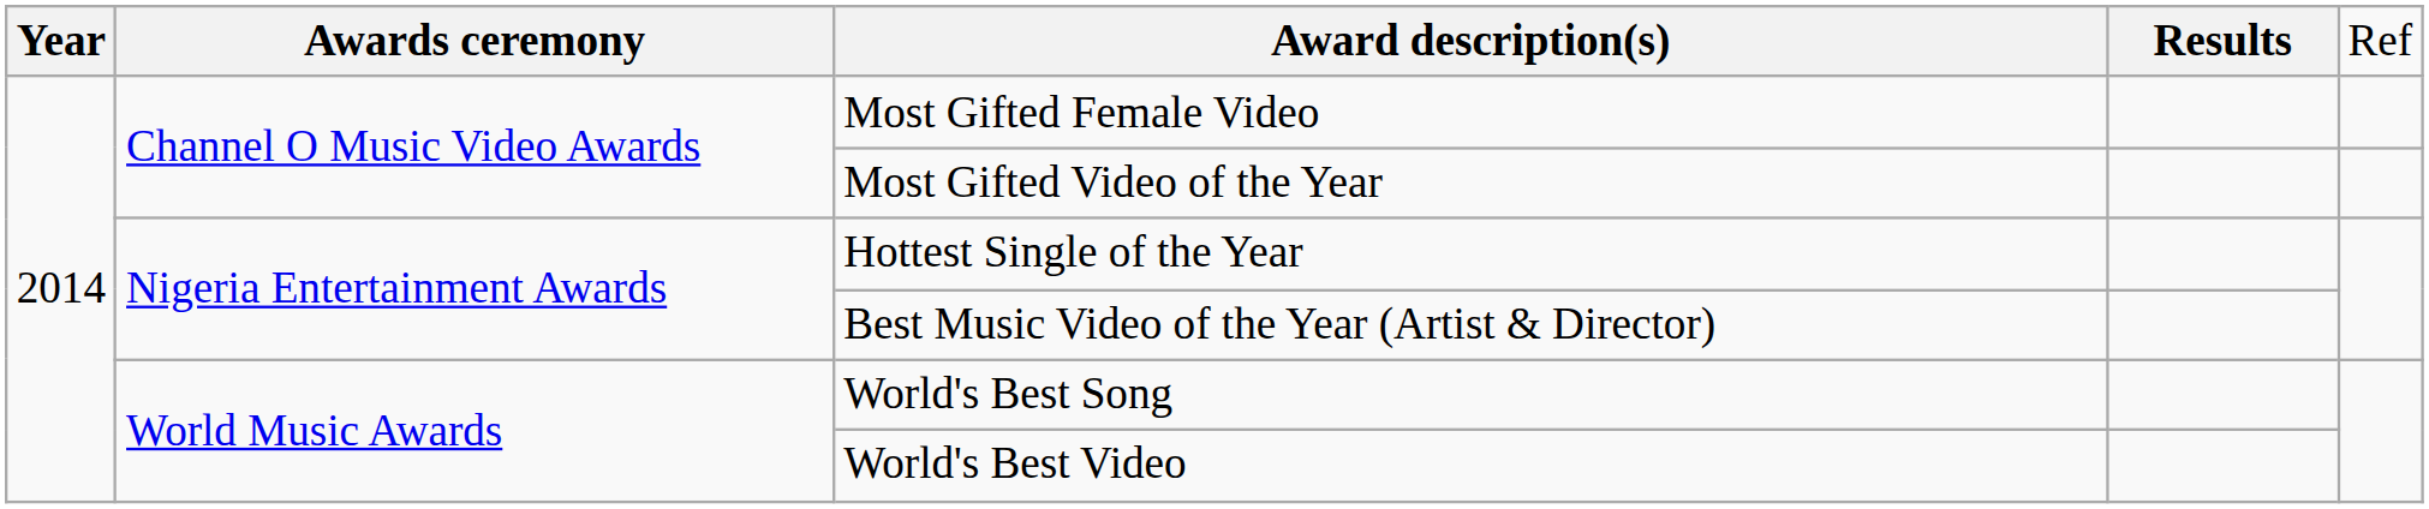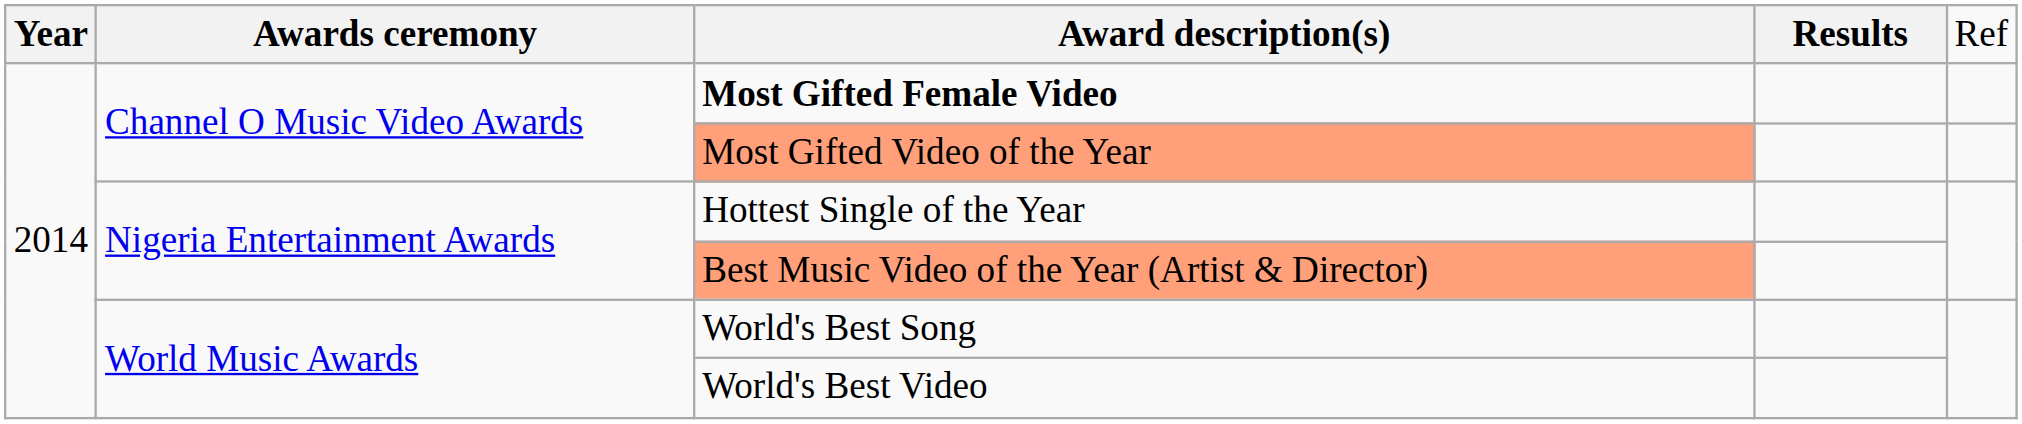 <table class="wikitable">
 <tr>
 <th>Year</th>
 <th width="250">Awards ceremony</th>
 <th width="450">Award description(s)</th>
 <th width="75">Results</th>
 <td>Ref</td>
 </tr>
 <tr>
 <td rowspan="6">2014</td>
 <td rowspan="2"><a href='#'>Channel O Music Video Awards</a></td>
-<td>Most Gifted Female Video</td>
+<td><strong>Most Gifted Female Video</strong></td>
 <td></td>
 <td></td>
 </tr>
 <tr>
-<td>Most Gifted Video of the Year</td>
+<td style="background: lightsalmon;">Most Gifted Video of the Year</td>
 <td></td>
 <td></td>
 </tr>
 <tr>
 <td rowspan="2"><a href='#'>Nigeria Entertainment Awards</a></td>
 <td>Hottest Single of the Year</td>
 <td></td>
 <td rowspan="2"></td>
 </tr>
 <tr>
-<td>Best Music Video of the Year (Artist & Director)</td>
+<td style="background: lightsalmon;">Best Music Video of the Year (Artist & Director)</td>
 <td></td>
 </tr>
 <tr>
 <td rowspan="2"><a href='#'>World Music Awards</a></td>
 <td>World's Best Song</td>
 <td></td>
 <td rowspan="2"></td>
 </tr>
 <tr>
 <td>World's Best Video</td>
 <td></td>
 </tr>
 </table>
